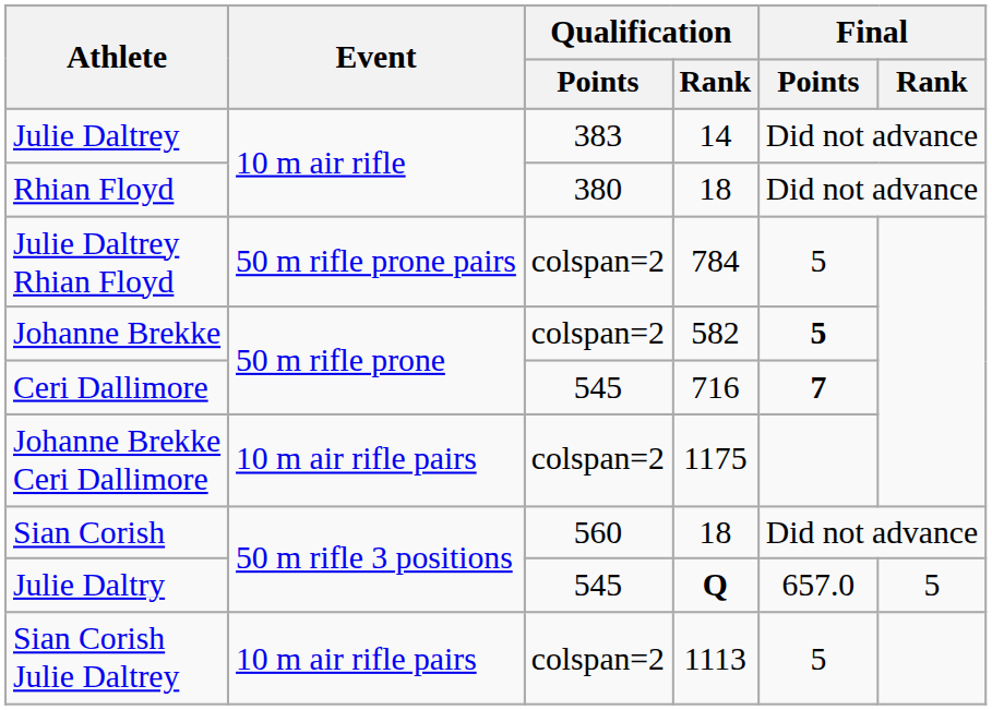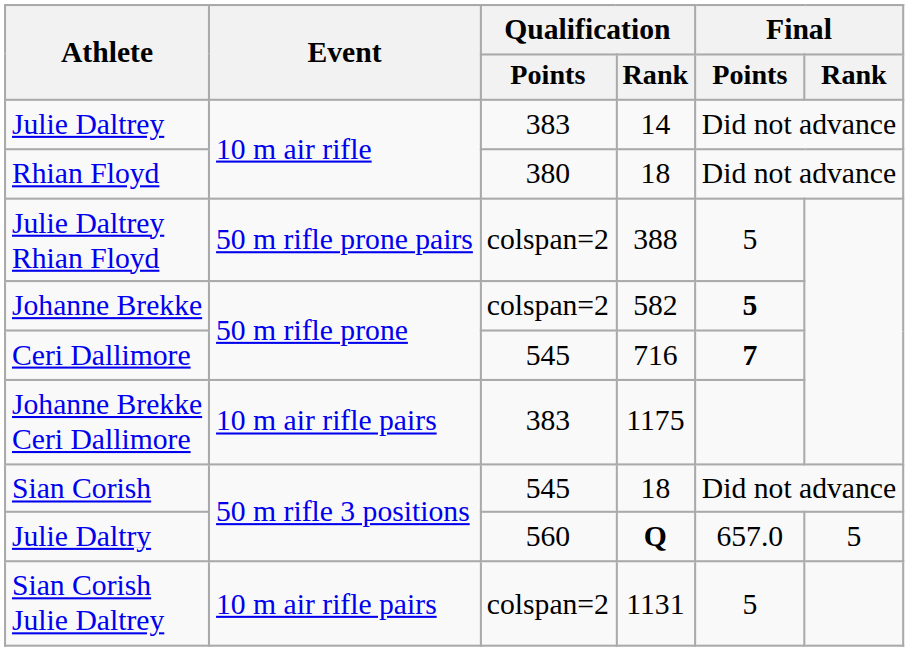 <table class="wikitable" style="font-size:90%;">
 <tr>
 <th rowspan=2>Athlete</th>
 <th rowspan=2>Event</th>
 <th colspan=2>Qualification</th>
 <th colspan=2>Final</th>
 </tr>
 <tr style="font-size:95%">
 <th>Points</th>
 <th>Rank</th>
 <th>Points</th>
 <th>Rank</th>
 </tr>
 <tr align=center>
 <td align=left><a href='#'>Julie Daltrey</a></td>
 <td align=left rowspan=2><a href='#'>10 m air rifle</a></td>
 <td>383</td>
 <td>14</td>
 <td colspan=2>Did not advance</td>
 </tr>
 <tr align=center>
 <td align=left><a href='#'>Rhian Floyd</a></td>
 <td>380</td>
 <td>18</td>
 <td colspan=2>Did not advance</td>
 </tr>
 <tr align=center>
 <td align=left><a href='#'>Julie Daltrey</a><br><a href='#'>Rhian Floyd</a></td>
 <td align=left rowspan=1><a href='#'>50 m rifle prone pairs</a></td>
 <td>colspan=2 </td>
-<td>784</td>
+<td>388</td>
 <td>5</td>
 </tr>
 <tr align=center>
 <td align=left><a href='#'>Johanne Brekke</a></td>
 <td align=left rowspan=2><a href='#'>50 m rifle prone</a></td>
 <td>colspan=2 </td>
 <td>582</td>
 <td><strong>5</strong></td>
 </tr>
 <tr align=center>
 <td align=left><a href='#'>Ceri Dallimore</a></td>
 <td>545</td>
 <td>716</td>
 <td><strong>7</strong></td>
 </tr>
 <tr align=center>
 <td align=left><a href='#'>Johanne Brekke</a><br><a href='#'>Ceri Dallimore</a></td>
 <td align=left rowspan=1><a href='#'>10 m air rifle pairs</a></td>
-<td>colspan=2 </td>
+<td>383</td>
 <td>1175</td>
 <td></td>
 </tr>
 <tr align=center>
 <td align=left><a href='#'>Sian Corish</a></td>
 <td align=left rowspan=2><a href='#'>50 m rifle 3 positions</a></td>
-<td>560</td>
+<td>545</td>
 <td>18</td>
 <td colspan=2>Did not advance</td>
 </tr>
 <tr align=center>
 <td align=left><a href='#'>Julie Daltry</a></td>
-<td>545</td>
+<td>560</td>
 <td><strong>Q</strong></td>
 <td>657.0</td>
 <td>5</td>
 </tr>
 <tr align=center>
 <td align=left><a href='#'>Sian Corish</a><br><a href='#'>Julie Daltrey</a></td>
 <td align=left rowspan=1><a href='#'>10 m air rifle pairs</a></td>
 <td>colspan=2 </td>
-<td>1113</td>
+<td>1131</td>
 <td>5</td>
 </tr>
 </table>
